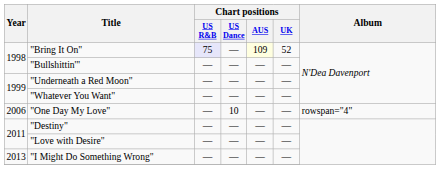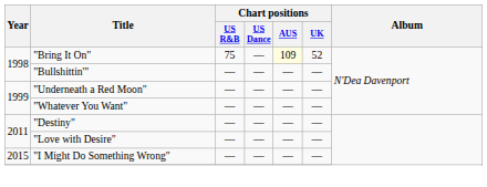 <table class="wikitable">
 <tr>
 <th width="28" rowspan="2">Year</th>
 <th width="270" rowspan="2">Title</th>
 <th colspan="4">Chart positions</th>
 <th width="220" rowspan="2">Album</th>
 </tr>
 <tr>
 <th scope="col" style="width:2.75em;font-size:85%;"><a href='#'>US R&B</a><br></th>
 <th scope="col" style="width:2.75em;font-size:85%;"><a href='#'>US Dance</a><br></th>
 <th scope="col" style="width:2.75em;font-size:85%;"><a href='#'>AUS</a><br></th>
 <th scope="col" style="width:2.75em;font-size:85%;"><a href='#'>UK</a><br></th>
 </tr>
 <tr>
 <td align="center" valign="center" rowspan="2">1998</td>
 <td>"Bring It On"</td>
-<td align="center" style="background: lavender;">75</td>
+<td align="center">75</td>
 <td align="center">—</td>
 <td align="center" style="background: lightyellow;">109</td>
 <td align="center">52</td>
 <td align="left" rowspan="4"><em>N'Dea Davenport</em></td>
 </tr>
 <tr>
 <td>"Bullshittin'"</td>
 <td align="center">—</td>
 <td align="center">—</td>
 <td align="center">—</td>
 <td align="center">—</td>
 </tr>
 <tr>
 <td align="center" valign="center" rowspan="2">1999</td>
 <td>"Underneath a Red Moon"</td>
 <td align="center">—</td>
 <td align="center">—</td>
 <td align="center">—</td>
 <td align="center">—</td>
 </tr>
 <tr>
 <td>"Whatever You Want"</td>
 <td align="center">—</td>
 <td align="center">—</td>
 <td align="center">—</td>
 <td align="center">—</td>
 </tr>
 <tr>
-<td align="center" valign="center" rowspan="1">2006</td>
-<td>"One Day My Love"</td>
-<td align="center">—</td>
-<td align="center">10</td>
-<td align="center">—</td>
-<td align="center">—</td>
-<td>rowspan="4" </td>
-</tr>
-<tr>
 <td align="center" valign="center" rowspan="2">2011</td>
 <td>"Destiny"</td>
 <td align="center">—</td>
 <td align="center">—</td>
 <td align="center">—</td>
 <td align="center">—</td>
 </tr>
 <tr>
 <td>"Love with Desire"</td>
 <td align="center">—</td>
 <td align="center">—</td>
 <td align="center">—</td>
 <td align="center">—</td>
 </tr>
 <tr>
-<td align="center" valign="center" rowspan="1">2013</td>
+<td align="center" valign="center" rowspan="1">2015</td>
 <td>"I Might Do Something Wrong"</td>
 <td align="center">—</td>
 <td align="center">—</td>
 <td align="center">—</td>
 <td align="center">—</td>
 </tr>
 <tr>
 </tr>
 </table>
